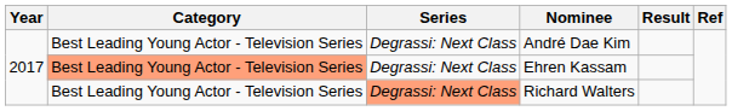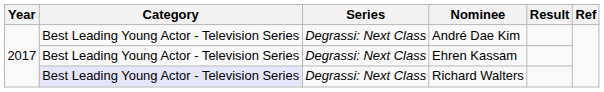 <table class="wikitable">
 <tr>
 <th>Year</th>
 <th>Category</th>
 <th>Series</th>
 <th>Nominee</th>
 <th>Result</th>
 <th>Ref</th>
 </tr>
 <tr>
 <td rowspan=3>2017</td>
 <td>Best Leading Young Actor - Television Series</td>
 <td><em>Degrassi: Next Class</em></td>
 <td>André Dae Kim</td>
 <td></td>
 </tr>
 <tr>
-<td style="background: lightsalmon;">Best Leading Young Actor - Television Series</td>
+<td>Best Leading Young Actor - Television Series</td>
 <td><em>Degrassi: Next Class</em></td>
 <td>Ehren Kassam</td>
 <td></td>
 </tr>
 <tr>
-<td>Best Leading Young Actor - Television Series</td>
-<td style="background: lightsalmon;"><em>Degrassi: Next Class</em></td>
+<td style="background: lavender;">Best Leading Young Actor - Television Series</td>
+<td><em>Degrassi: Next Class</em></td>
 <td>Richard Walters</td>
 <td></td>
 </tr>
 </table>
